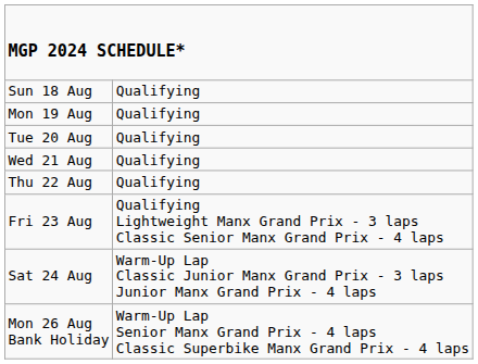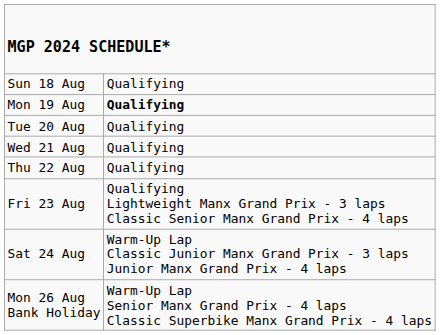 <table class="wikitable">
 <tr>
 <td colspan="2"><br><h3>MGP 2024 SCHEDULE*</h3></td>
 </tr>
 <tr>
 <td>Sun 18 Aug</td>
 <td>Qualifying</td>
 </tr>
 <tr>
 <td>Mon 19 Aug</td>
-<td>Qualifying</td>
+<td><strong>Qualifying</strong></td>
 </tr>
 <tr>
 <td>Tue 20 Aug</td>
 <td>Qualifying</td>
 </tr>
 <tr>
 <td>Wed 21 Aug</td>
 <td>Qualifying</td>
 </tr>
 <tr>
 <td>Thu 22 Aug</td>
 <td>Qualifying</td>
 </tr>
 <tr>
 <td>Fri 23 Aug</td>
 <td>Qualifying<br>Lightweight Manx Grand Prix - 3 laps<br>Classic Senior Manx Grand Prix - 4 laps</td>
 </tr>
 <tr>
 <td>Sat 24 Aug</td>
 <td>Warm-Up Lap<br>Classic Junior Manx Grand Prix - 3 laps<br>Junior Manx Grand Prix - 4 laps</td>
 </tr>
 <tr>
 <td>Mon 26 Aug<br>Bank Holiday</td>
 <td>Warm-Up Lap<br>Senior Manx Grand Prix - 4 laps<br>Classic Superbike Manx Grand Prix - 4 laps</td>
 </tr>
 </table>
